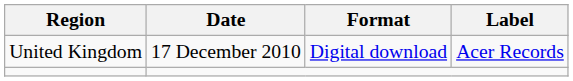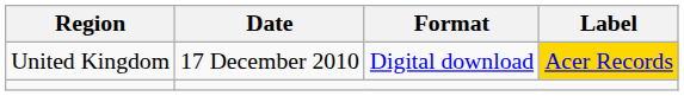 <table class="wikitable">
 <tr>
 <th>Region</th>
 <th>Date</th>
 <th>Format</th>
 <th>Label</th>
 </tr>
 <tr>
 <td rowspan=1>United Kingdom</td>
 <td>17 December 2010 </td>
 <td><a href='#'>Digital download</a></td>
-<td rowspan=1><a href='#'>Acer Records</a></td>
+<td rowspan=1 style="background: gold;"><a href='#'>Acer Records</a></td>
 </tr>
 <tr>
 <td></td>
 </tr>
 </table>
